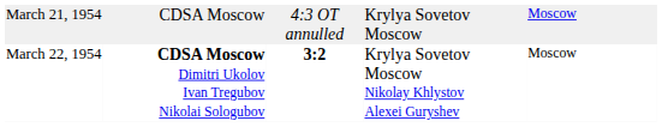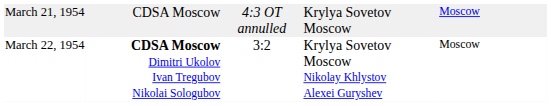 <table style="width: 100%; background: #F0F0F0;" cellspacing="0">
 <tr valign="top">
 <td align="center" width="15%" style="font-size:90%;">March 21, 1954</td>
 <td width="25%" align="right">CDSA Moscow</td>
 <td width="15%" align="center"><em>4:3 OT <br>annulled</em></td>
 <td width="25%" align="left">Krylya Sovetov Moscow</td>
 <td style="font-size:85%;"><a href='#'>Moscow</a></td>
 </tr>
 <tr style="background: #FFFFFF;" valign="top">
 <td align="center" style="font-size:90%;">March 22, 1954</td>
 <td align="right"><strong>CDSA Moscow</strong><br><small><a href='#'>Dimitri Ukolov</a><br><a href='#'>Ivan Tregubov</a><br><a href='#'>Nikolai Sologubov</a></small></td>
-<td align="center"><strong>3:2</strong></td>
+<td align="center">3:2</td>
 <td align="left">Krylya Sovetov Moscow<br><small><a href='#'>Nikolay Khlystov</a><br><a href='#'>Alexei Guryshev</a></small></td>
 <td style="font-size:85%;">Moscow</td>
 </tr>
 </table>
